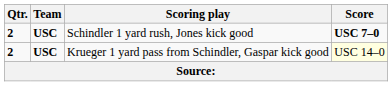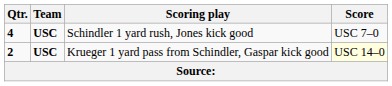 <table class="wikitable">
 <tr>
 <th>Qtr.</th>
 <th>Team</th>
 <th>Scoring play</th>
 <th>Score</th>
 </tr>
 <tr>
-<td><strong>2</strong></td>
+<td><strong>4</strong></td>
 <td><strong>USC</strong></td>
 <td>Schindler 1 yard rush, Jones kick good</td>
-<td><strong>USC 7–0</strong></td>
+<td>USC 7–0</td>
 </tr>
 <tr>
 <td><strong>2</strong></td>
 <td><strong>USC</strong></td>
 <td>Krueger 1 yard pass from Schindler, Gaspar kick good</td>
 <td style="background: lightyellow;">USC 14–0</td>
 </tr>
 <tr>
 <th colspan=4>Source:</th>
 </tr>
 </table>
